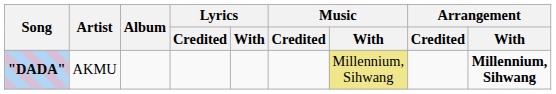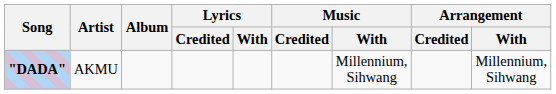 <table class="wikitable plainrowheaders" style="text-align:center;">
 <tr>
 <th rowspan="2" width="300px">Song</th>
 <th rowspan="2" width="300px">Artist</th>
 <th rowspan="2" width="300px">Album</th>
 <th colspan="2">Lyrics</th>
 <th colspan="2">Music</th>
 <th colspan="2">Arrangement</th>
 </tr>
 <tr>
 <th width="50px">Credited</th>
 <th width="200px">With</th>
 <th width="50px">Credited</th>
 <th width="200px">With</th>
 <th width="50px">Credited</th>
 <th width="200px">With</th>
 </tr>
 <tr>
 <th scope="row" style="background: repeating-linear-gradient(45deg, #D8BFD8, #D8BFD8 10px, #b1d6f5 10px, #b1d6f5 20px);">"DADA"  </th>
 <td>AKMU</td>
 <td></td>
 <td></td>
 <td></td>
 <td></td>
-<td style="background: khaki;">Millennium, Sihwang</td>
+<td>Millennium, Sihwang</td>
 <td></td>
-<td><strong>Millennium, Sihwang</strong></td>
+<td>Millennium, Sihwang</td>
 </tr>
 </table>
